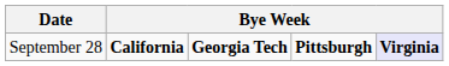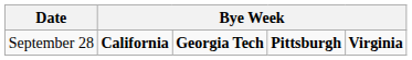 <table class="wikitable" style="font-size:95%;">
 <tr>
 <th>Date</th>
 <th colspan="4">Bye Week</th>
 </tr>
 <tr>
 <td>September 28</td>
 <td><strong>California</strong></td>
 <td><strong>Georgia Tech</strong></td>
 <td><strong>Pittsburgh</strong></td>
-<td style="background: lavender;"><strong>Virginia</strong></td>
+<td><strong>Virginia</strong></td>
 </tr>
 </table>
